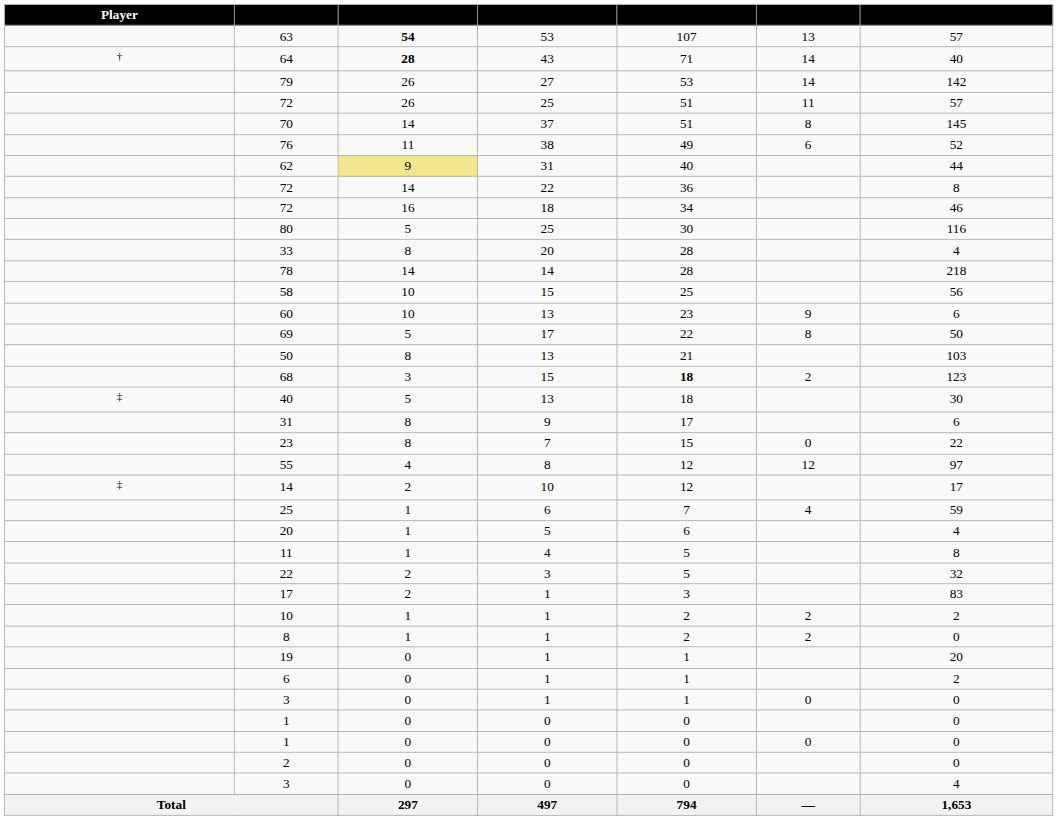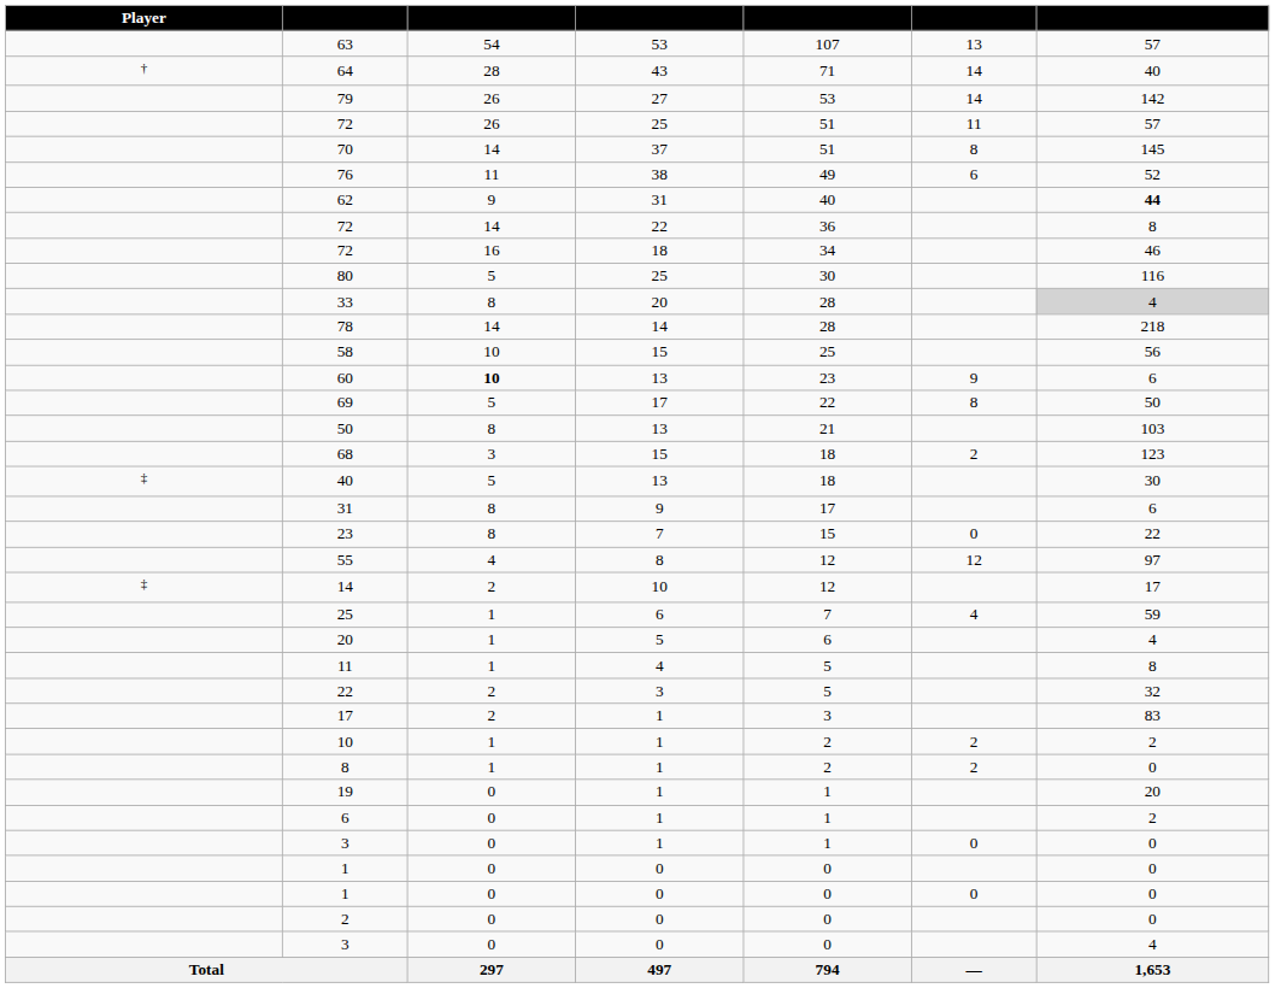 <table class="wikitable sortable" style="width:100%; text-align:center;">
 <tr align=center>
 <th style="color:white; background:#000000; ">Player</th>
 <th style="color:white; background:#000000; "></th>
 <th style="color:white; background:#000000; "></th>
 <th style="color:white; background:#000000; "></th>
 <th style="color:white; background:#000000; "></th>
 <th style="color:white; background:#000000; "></th>
 <th style="color:white; background:#000000; "></th>
 </tr>
 <tr>
 <td></td>
 <td>63</td>
-<td><strong>54</strong></td>
+<td>54</td>
 <td>53</td>
 <td>107</td>
 <td>13</td>
 <td>57</td>
 </tr>
 <tr>
 <td><sup>†</sup></td>
 <td>64</td>
-<td><strong>28</strong></td>
+<td>28</td>
 <td>43</td>
 <td>71</td>
 <td>14</td>
 <td>40</td>
 </tr>
 <tr>
 <td></td>
 <td>79</td>
 <td>26</td>
 <td>27</td>
 <td>53</td>
 <td>14</td>
 <td>142</td>
 </tr>
 <tr>
 <td></td>
 <td>72</td>
 <td>26</td>
 <td>25</td>
 <td>51</td>
 <td>11</td>
 <td>57</td>
 </tr>
 <tr>
 <td></td>
 <td>70</td>
 <td>14</td>
 <td>37</td>
 <td>51</td>
 <td>8</td>
 <td>145</td>
 </tr>
 <tr>
 <td></td>
 <td>76</td>
 <td>11</td>
 <td>38</td>
 <td>49</td>
 <td>6</td>
 <td>52</td>
 </tr>
 <tr>
 <td></td>
 <td>62</td>
-<td style="background: khaki;">9</td>
+<td>9</td>
 <td>31</td>
 <td>40</td>
 <td></td>
-<td>44</td>
+<td><strong>44</strong></td>
 </tr>
 <tr>
 <td></td>
 <td>72</td>
 <td>14</td>
 <td>22</td>
 <td>36</td>
 <td></td>
 <td>8</td>
 </tr>
 <tr>
 <td></td>
 <td>72</td>
 <td>16</td>
 <td>18</td>
 <td>34</td>
 <td></td>
 <td>46</td>
 </tr>
 <tr>
 <td></td>
 <td>80</td>
 <td>5</td>
 <td>25</td>
 <td>30</td>
 <td></td>
 <td>116</td>
 </tr>
 <tr>
 <td></td>
 <td>33</td>
 <td>8</td>
 <td>20</td>
 <td>28</td>
 <td></td>
-<td>4</td>
+<td style="background: lightgrey;">4</td>
 </tr>
 <tr>
 <td></td>
 <td>78</td>
 <td>14</td>
 <td>14</td>
 <td>28</td>
 <td></td>
 <td>218</td>
 </tr>
 <tr>
 <td></td>
 <td>58</td>
 <td>10</td>
 <td>15</td>
 <td>25</td>
 <td></td>
 <td>56</td>
 </tr>
 <tr>
 <td></td>
 <td>60</td>
-<td>10</td>
+<td><strong>10</strong></td>
 <td>13</td>
 <td>23</td>
 <td>9</td>
 <td>6</td>
 </tr>
 <tr>
 <td></td>
 <td>69</td>
 <td>5</td>
 <td>17</td>
 <td>22</td>
 <td>8</td>
 <td>50</td>
 </tr>
 <tr>
 <td></td>
 <td>50</td>
 <td>8</td>
 <td>13</td>
 <td>21</td>
 <td></td>
 <td>103</td>
 </tr>
 <tr>
 <td></td>
 <td>68</td>
 <td>3</td>
 <td>15</td>
-<td><strong>18</strong></td>
+<td>18</td>
 <td>2</td>
 <td>123</td>
 </tr>
 <tr>
 <td><sup>‡</sup></td>
 <td>40</td>
 <td>5</td>
 <td>13</td>
 <td>18</td>
 <td></td>
 <td>30</td>
 </tr>
 <tr>
 <td></td>
 <td>31</td>
 <td>8</td>
 <td>9</td>
 <td>17</td>
 <td></td>
 <td>6</td>
 </tr>
 <tr>
 <td></td>
 <td>23</td>
 <td>8</td>
 <td>7</td>
 <td>15</td>
 <td>0</td>
 <td>22</td>
 </tr>
 <tr>
 <td></td>
 <td>55</td>
 <td>4</td>
 <td>8</td>
 <td>12</td>
 <td>12</td>
 <td>97</td>
 </tr>
 <tr>
 <td><sup>‡</sup></td>
 <td>14</td>
 <td>2</td>
 <td>10</td>
 <td>12</td>
 <td></td>
 <td>17</td>
 </tr>
 <tr>
 <td></td>
 <td>25</td>
 <td>1</td>
 <td>6</td>
 <td>7</td>
 <td>4</td>
 <td>59</td>
 </tr>
 <tr>
 <td></td>
 <td>20</td>
 <td>1</td>
 <td>5</td>
 <td>6</td>
 <td></td>
 <td>4</td>
 </tr>
 <tr>
 <td></td>
 <td>11</td>
 <td>1</td>
 <td>4</td>
 <td>5</td>
 <td></td>
 <td>8</td>
 </tr>
 <tr>
 <td></td>
 <td>22</td>
 <td>2</td>
 <td>3</td>
 <td>5</td>
 <td></td>
 <td>32</td>
 </tr>
 <tr>
 <td></td>
 <td>17</td>
 <td>2</td>
 <td>1</td>
 <td>3</td>
 <td></td>
 <td>83</td>
 </tr>
 <tr>
 <td></td>
 <td>10</td>
 <td>1</td>
 <td>1</td>
 <td>2</td>
 <td>2</td>
 <td>2</td>
 </tr>
 <tr>
 <td></td>
 <td>8</td>
 <td>1</td>
 <td>1</td>
 <td>2</td>
 <td>2</td>
 <td>0</td>
 </tr>
 <tr>
 <td></td>
 <td>19</td>
 <td>0</td>
 <td>1</td>
 <td>1</td>
 <td></td>
 <td>20</td>
 </tr>
 <tr>
 <td></td>
 <td>6</td>
 <td>0</td>
 <td>1</td>
 <td>1</td>
 <td></td>
 <td>2</td>
 </tr>
 <tr>
 <td></td>
 <td>3</td>
 <td>0</td>
 <td>1</td>
 <td>1</td>
 <td>0</td>
 <td>0</td>
 </tr>
 <tr>
 <td></td>
 <td>1</td>
 <td>0</td>
 <td>0</td>
 <td>0</td>
 <td></td>
 <td>0</td>
 </tr>
 <tr>
 <td></td>
 <td>1</td>
 <td>0</td>
 <td>0</td>
 <td>0</td>
 <td>0</td>
 <td>0</td>
 </tr>
 <tr>
 <td></td>
 <td>2</td>
 <td>0</td>
 <td>0</td>
 <td>0</td>
 <td></td>
 <td>0</td>
 </tr>
 <tr>
 <td></td>
 <td>3</td>
 <td>0</td>
 <td>0</td>
 <td>0</td>
 <td></td>
 <td>4</td>
 </tr>
 <tr class="sortbottom">
 <th colspan=2>Total</th>
 <th>297</th>
 <th>497</th>
 <th>794</th>
 <th>—</th>
 <th>1,653</th>
 </tr>
 </table>
